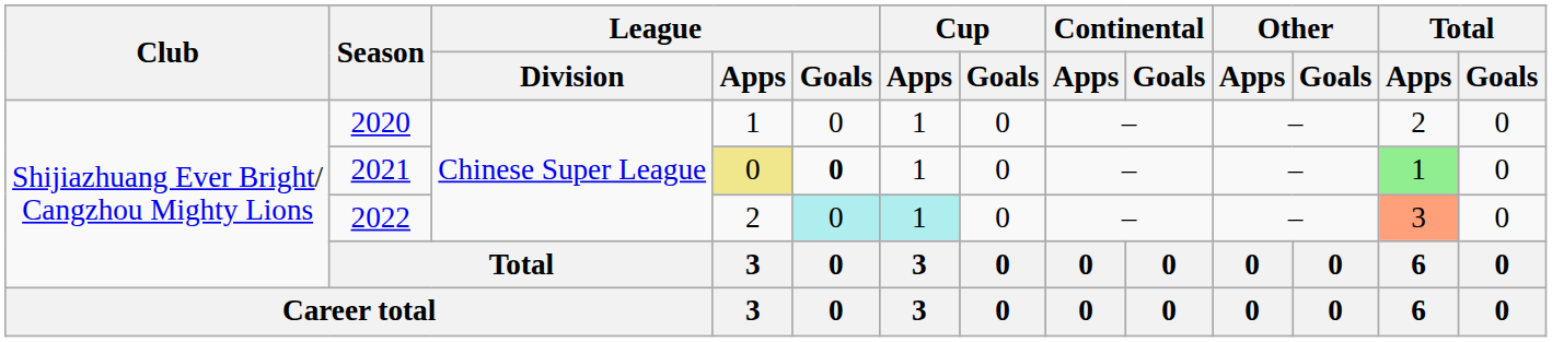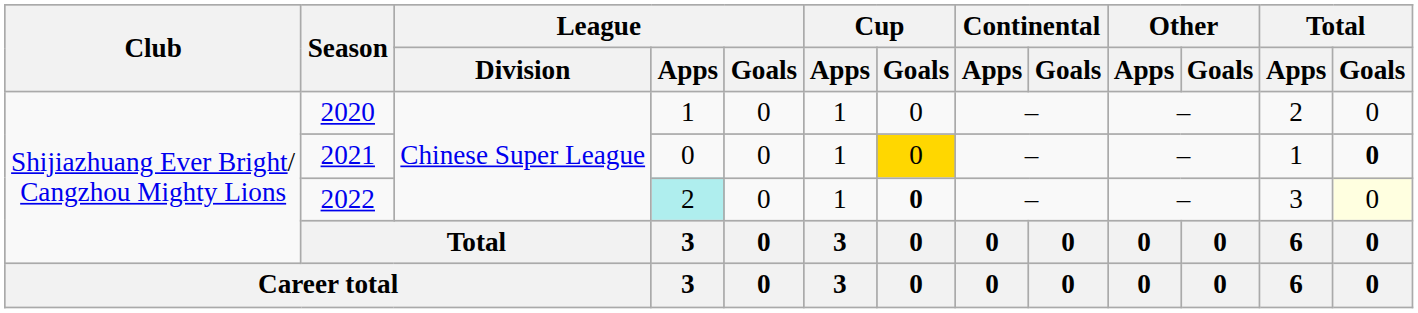 <table class="wikitable" style="text-align: center">
 <tr>
 <th rowspan="2">Club</th>
 <th rowspan="2">Season</th>
 <th colspan="3">League</th>
 <th colspan="2">Cup</th>
 <th colspan="2">Continental</th>
 <th colspan="2">Other</th>
 <th colspan="2">Total</th>
 </tr>
 <tr>
 <th>Division</th>
 <th>Apps</th>
 <th>Goals</th>
 <th>Apps</th>
 <th>Goals</th>
 <th>Apps</th>
 <th>Goals</th>
 <th>Apps</th>
 <th>Goals</th>
 <th>Apps</th>
 <th>Goals</th>
 </tr>
 <tr>
 <td rowspan=4><a href='#'>Shijiazhuang Ever Bright</a>/<br><a href='#'>Cangzhou Mighty Lions</a></td>
 <td><a href='#'>2020</a></td>
 <td rowspan=3><a href='#'>Chinese Super League</a></td>
 <td>1</td>
 <td>0</td>
 <td>1</td>
 <td>0</td>
 <td colspan="2">–</td>
 <td colspan="2">–</td>
 <td>2</td>
 <td>0</td>
 </tr>
 <tr>
 <td><a href='#'>2021</a></td>
-<td style="background: khaki;">0</td>
-<td><strong>0</strong></td>
+<td>0</td>
+<td>0</td>
 <td>1</td>
-<td>0</td>
+<td style="background: gold;">0</td>
 <td colspan="2">–</td>
 <td colspan="2">–</td>
-<td style="background: lightgreen;">1</td>
-<td>0</td>
+<td>1</td>
+<td><strong>0</strong></td>
 </tr>
 <tr>
 <td><a href='#'>2022</a></td>
-<td>2</td>
-<td style="background: paleturquoise;">0</td>
-<td style="background: paleturquoise;">1</td>
+<td style="background: paleturquoise;">2</td>
 <td>0</td>
+<td>1</td>
+<td><strong>0</strong></td>
 <td colspan="2">–</td>
 <td colspan="2">–</td>
-<td style="background: lightsalmon;">3</td>
-<td>0</td>
+<td>3</td>
+<td style="background: lightyellow;">0</td>
 </tr>
 <tr>
 <th colspan=2>Total</th>
 <th>3</th>
 <th>0</th>
 <th>3</th>
 <th>0</th>
 <th>0</th>
 <th>0</th>
 <th>0</th>
 <th>0</th>
 <th>6</th>
 <th>0</th>
 </tr>
 <tr>
 <th colspan=3>Career total</th>
 <th>3</th>
 <th>0</th>
 <th>3</th>
 <th>0</th>
 <th>0</th>
 <th>0</th>
 <th>0</th>
 <th>0</th>
 <th>6</th>
 <th>0</th>
 </tr>
 </table>
